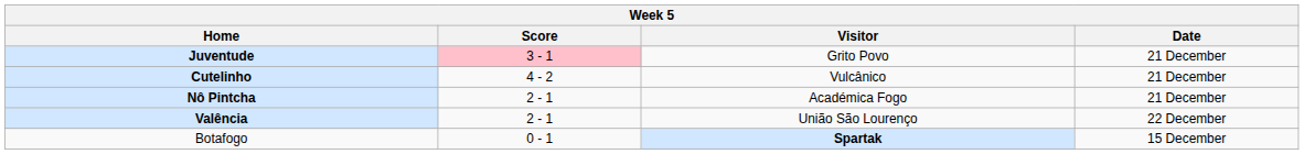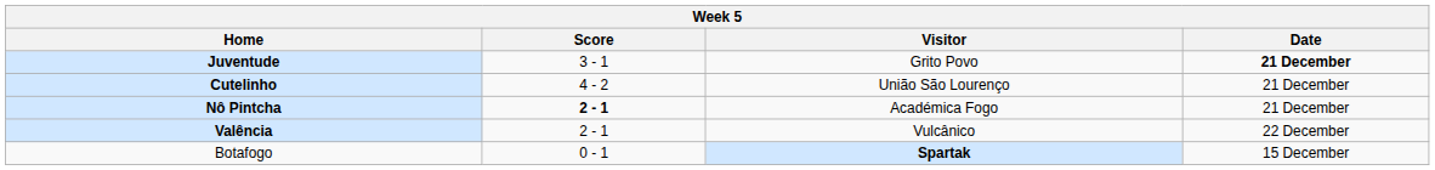 <table class="wikitable" style="margin:1em auto; font-size:95%; text-align: center; width: 95%;">
 <tr>
 <th colspan="12"  style="with:100%; text-align:center;">Week 5</th>
 </tr>
 <tr>
 <th style="width:200px;">Home</th>
 <th width="90">Score</th>
 <th style="width:200px;">Visitor</th>
 <th style="width:100px;">Date</th>
 </tr>
 <tr align=center>
 <td style="background:#d0e7ff;"><strong>Juventude</strong></td>
-<td style="background: pink;">3 - 1</td>
+<td>3 - 1</td>
 <td>Grito Povo</td>
-<td>21 December</td>
+<td><strong>21 December</strong></td>
 </tr>
 <tr align=center>
 <td style="background:#d0e7ff;"><strong>Cutelinho</strong></td>
 <td>4 - 2</td>
-<td>Vulcânico</td>
+<td>União São Lourenço</td>
 <td>21 December</td>
 </tr>
 <tr align=center>
 <td style="background:#d0e7ff;"><strong>Nô Pintcha</strong></td>
-<td>2 - 1</td>
+<td><strong>2 - 1</strong></td>
 <td>Académica Fogo</td>
 <td>21 December</td>
 </tr>
 <tr align=center>
 <td style="background:#d0e7ff;"><strong>Valência</strong></td>
 <td>2 - 1</td>
-<td>União São Lourenço</td>
+<td>Vulcânico</td>
 <td>22 December</td>
 </tr>
 <tr align=center>
 <td>Botafogo</td>
 <td>0 - 1</td>
 <td style="background:#d0e7ff;"><strong>Spartak</strong></td>
 <td>15 December</td>
 </tr>
 </table>
